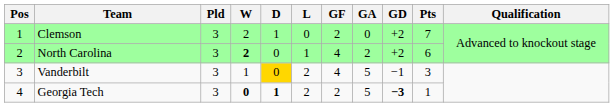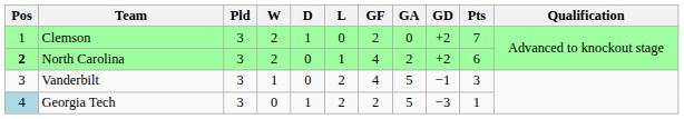 <table class="wikitable" style="text-align:center; margin: 1em auto">
 <tr>
 <th style="width:2em">Pos</th>
 <th style="width:13em">Team</th>
 <th style="width:2em">Pld</th>
 <th style="width:2em">W</th>
 <th style="width:2em">D</th>
 <th style="width:2em">L</th>
 <th style="width:2em">GF</th>
 <th style="width:2em">GA</th>
 <th style="width:2em">GD</th>
 <th style="width:2em">Pts</th>
 <th style="width:13em">Qualification</th>
 </tr>
 <tr bgcolor="#9eff9e">
 <td>1</td>
 <td style="text-align:left">Clemson</td>
 <td>3</td>
 <td>2</td>
 <td>1</td>
 <td>0</td>
 <td>2</td>
 <td>0</td>
 <td>+2</td>
 <td>7</td>
 <td rowspan="2">Advanced to knockout stage</td>
 </tr>
 <tr bgcolor="#9eff9e">
-<td>2</td>
+<td><strong>2</strong></td>
 <td style="text-align:left">North Carolina</td>
 <td>3</td>
-<td><strong>2</strong></td>
+<td>2</td>
 <td>0</td>
 <td>1</td>
 <td>4</td>
 <td>2</td>
 <td>+2</td>
 <td>6</td>
 </tr>
 <tr>
 <td>3</td>
 <td style="text-align:left">Vanderbilt</td>
 <td>3</td>
 <td>1</td>
-<td style="background: gold;">0</td>
+<td>0</td>
 <td>2</td>
 <td>4</td>
 <td>5</td>
 <td>−1</td>
 <td>3</td>
 <td rowspan="2"></td>
 </tr>
 <tr>
-<td>4</td>
+<td style="background: lightblue;">4</td>
 <td style="text-align:left">Georgia Tech</td>
 <td>3</td>
-<td><strong>0</strong></td>
-<td><strong>1</strong></td>
+<td>0</td>
+<td>1</td>
 <td>2</td>
 <td>2</td>
 <td>5</td>
-<td><strong>−3</strong></td>
+<td>−3</td>
 <td>1</td>
 </tr>
 </table>
